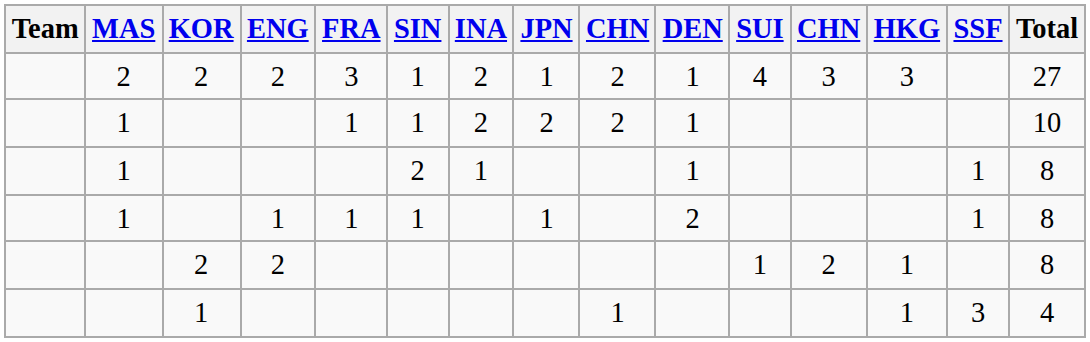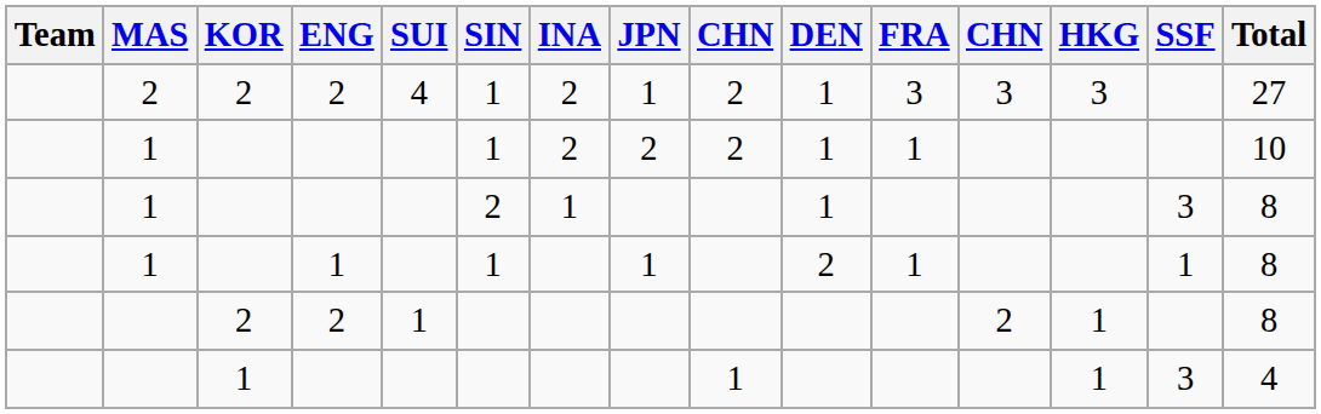 <table class=wikitable style="font-size:89%; text-align:center">
 <tr>
 <th>Team</th>
 <th><a href='#'>MAS</a></th>
 <th><a href='#'>KOR</a></th>
 <th><a href='#'>ENG</a></th>
-<th><a href='#'>FRA</a></th>
+<th><a href='#'>SUI</a></th>
 <th><a href='#'>SIN</a></th>
 <th><a href='#'>INA</a></th>
 <th><a href='#'>JPN</a></th>
 <th><a href='#'>CHN</a></th>
 <th><a href='#'>DEN</a></th>
-<th><a href='#'>SUI</a></th>
+<th><a href='#'>FRA</a></th>
 <th><a href='#'>CHN</a></th>
 <th><a href='#'>HKG</a></th>
 <th><a href='#'>SSF</a></th>
 <th>Total</th>
 </tr>
 <tr>
 <td align=left></td>
 <td>2</td>
 <td>2</td>
 <td>2</td>
-<td>3</td>
+<td>4</td>
 <td>1</td>
 <td>2</td>
 <td>1</td>
 <td>2</td>
 <td>1</td>
-<td>4</td>
+<td>3</td>
 <td>3</td>
 <td>3</td>
 <td></td>
 <td>27</td>
 </tr>
 <tr>
 <td align=left></td>
 <td>1</td>
 <td></td>
 <td></td>
-<td>1</td>
+<td></td>
 <td>1</td>
 <td>2</td>
 <td>2</td>
 <td>2</td>
 <td>1</td>
-<td></td>
+<td>1</td>
 <td></td>
 <td></td>
 <td></td>
 <td>10</td>
 </tr>
 <tr>
 <td align=left></td>
 <td>1</td>
 <td></td>
 <td></td>
 <td></td>
 <td>2</td>
 <td>1</td>
 <td></td>
 <td></td>
 <td>1</td>
 <td></td>
 <td></td>
 <td></td>
-<td>1</td>
+<td>3</td>
 <td>8</td>
 </tr>
 <tr>
 <td align=left></td>
 <td>1</td>
 <td></td>
 <td>1</td>
-<td>1</td>
+<td></td>
 <td>1</td>
 <td></td>
 <td>1</td>
 <td></td>
 <td>2</td>
-<td></td>
+<td>1</td>
 <td></td>
 <td></td>
 <td>1</td>
 <td>8</td>
 </tr>
 <tr>
 <td align=left></td>
 <td></td>
 <td>2</td>
 <td>2</td>
+<td>1</td>
 <td></td>
 <td></td>
 <td></td>
 <td></td>
 <td></td>
 <td></td>
-<td>1</td>
 <td>2</td>
 <td>1</td>
 <td></td>
 <td>8</td>
 </tr>
 <tr>
 <td align=left></td>
 <td></td>
 <td>1</td>
 <td></td>
 <td></td>
 <td></td>
 <td></td>
 <td></td>
 <td>1</td>
 <td></td>
 <td></td>
 <td></td>
 <td>1</td>
 <td>3</td>
 <td>4</td>
 </tr>
 </table>
